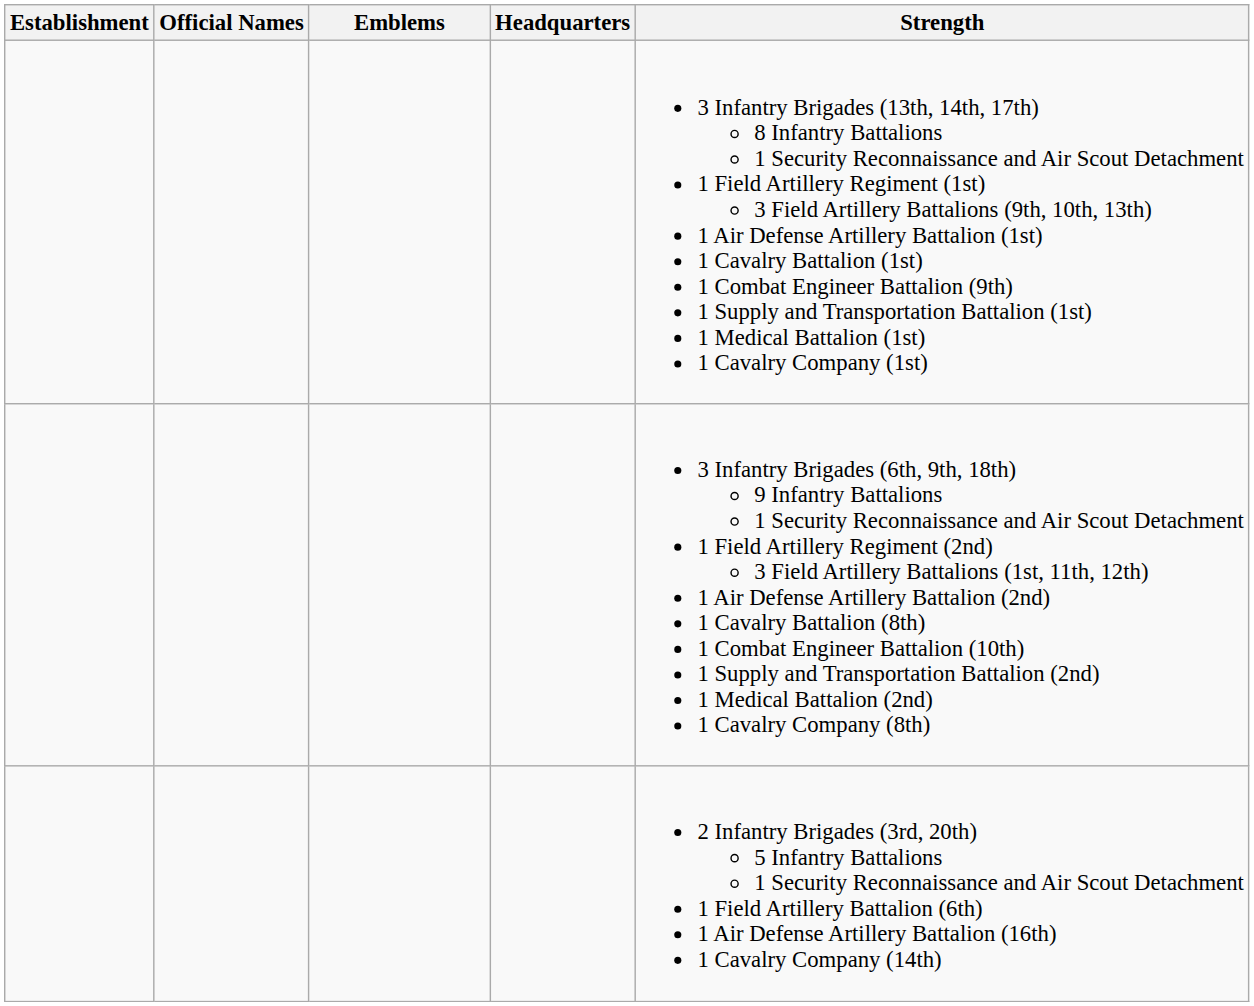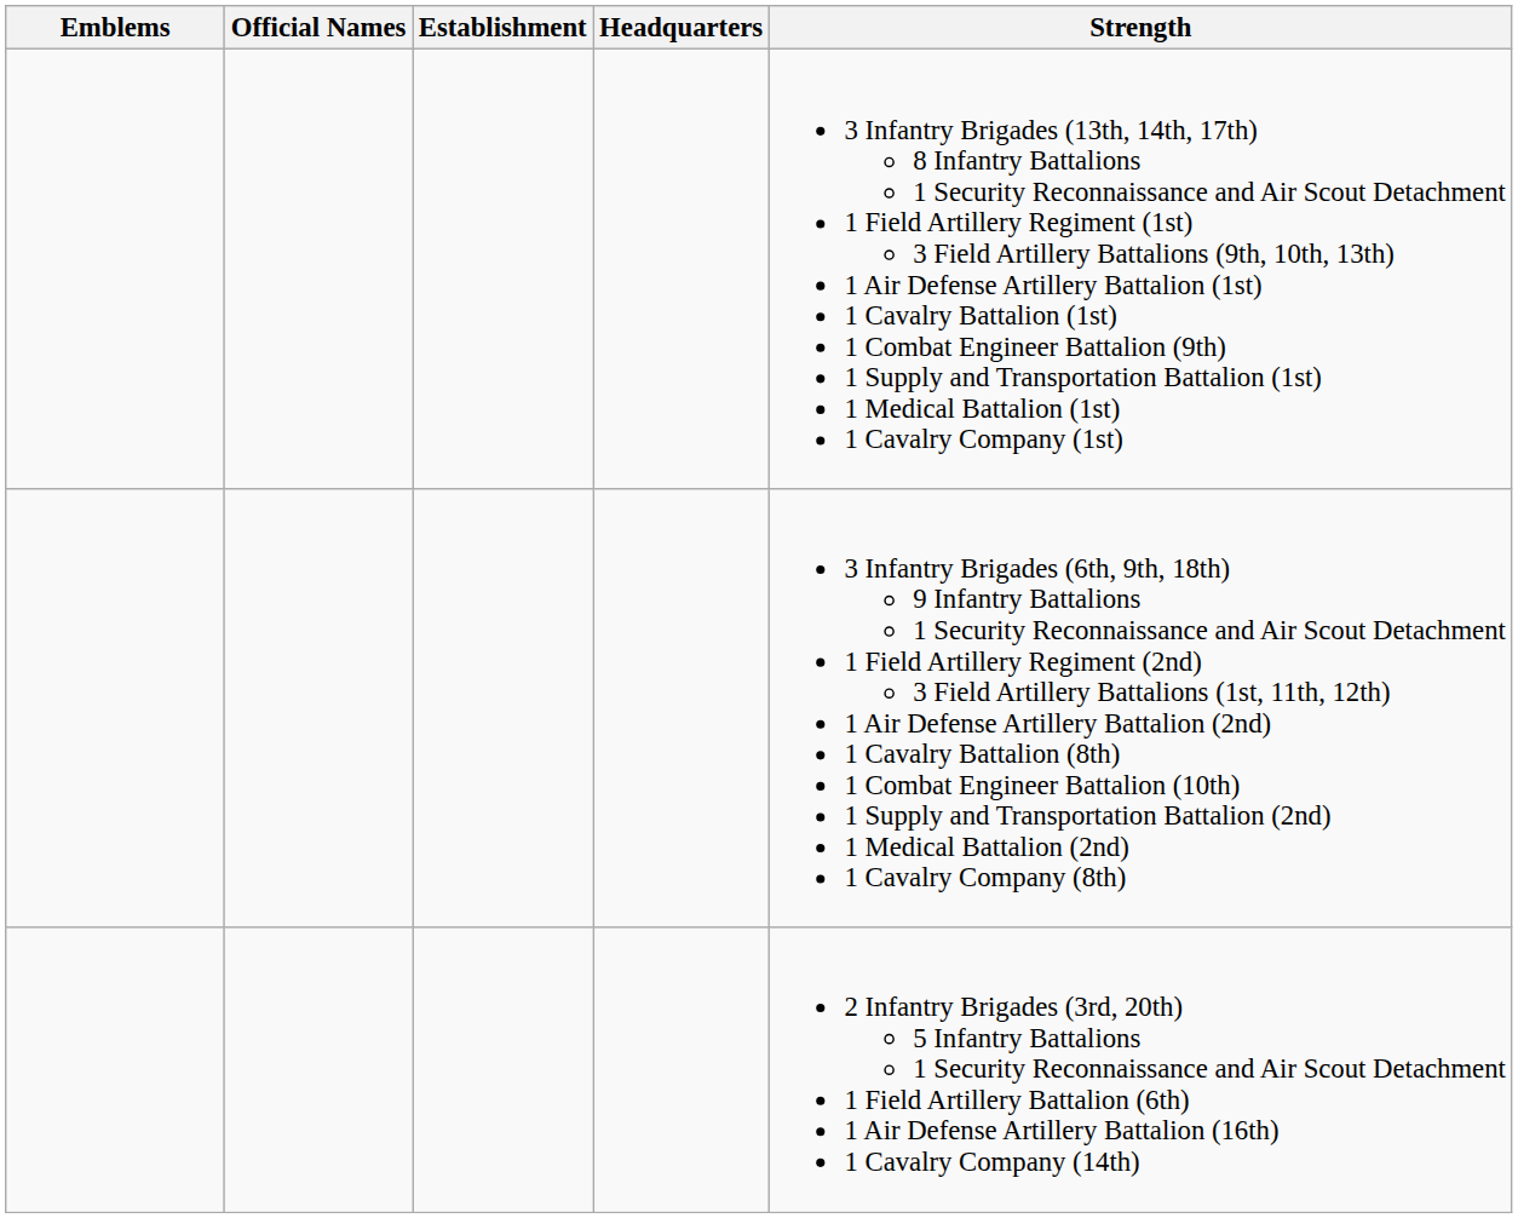 <table class="wikitable">
 <tr>
+<th style="width:120px;">Emblems</th>
+<th>Official Names</th>
 <th data-sort-type="date">Establishment</th>
-<th>Official Names</th>
-<th style="width:120px;">Emblems</th>
 <th data-sort-type="number">Headquarters</th>
 <th>Strength</th>
 </tr>
 <tr>
 <td></td>
 <td></td>
 <td></td>
 <td></td>
 <td><br><ul><li>3 Infantry Brigades (13th, 14th, 17th)<ul><li>8 Infantry Battalions</li><li>1 Security Reconnaissance and Air Scout Detachment</li></ul></li><li>1 Field Artillery Regiment (1st)<ul><li>3 Field Artillery Battalions (9th, 10th, 13th)</li></ul></li><li>1 Air Defense Artillery Battalion (1st)</li><li>1 Cavalry Battalion (1st)</li><li>1 Combat Engineer Battalion (9th)</li><li>1 Supply and Transportation Battalion (1st)</li><li>1 Medical Battalion (1st)</li><li>1 Cavalry Company (1st)</li></ul></td>
 </tr>
 <tr>
 <td></td>
 <td></td>
 <td></td>
 <td></td>
 <td><br><ul><li>3 Infantry Brigades (6th, 9th, 18th)<ul><li>9 Infantry Battalions</li><li>1 Security Reconnaissance and Air Scout Detachment</li></ul></li><li>1 Field Artillery Regiment (2nd)<ul><li>3 Field Artillery Battalions (1st, 11th, 12th)</li></ul></li><li>1 Air Defense Artillery Battalion (2nd)</li><li>1 Cavalry Battalion (8th)</li><li>1 Combat Engineer Battalion (10th)</li><li>1 Supply and Transportation Battalion (2nd)</li><li>1 Medical Battalion (2nd)</li><li>1 Cavalry Company (8th)</li></ul></td>
 </tr>
 <tr>
 <td></td>
 <td></td>
 <td></td>
 <td></td>
 <td><br><ul><li>2 Infantry Brigades (3rd, 20th)<ul><li>5 Infantry Battalions</li><li>1 Security Reconnaissance and Air Scout Detachment</li></ul></li><li>1 Field Artillery Battalion (6th)</li><li>1 Air Defense Artillery Battalion (16th)</li><li>1 Cavalry Company (14th)</li></ul></td>
 </tr>
 </table>
